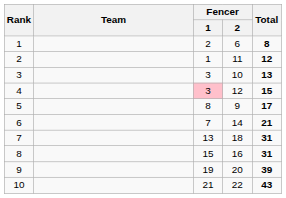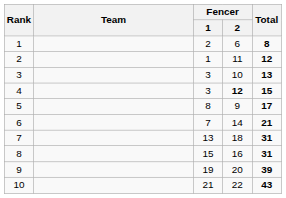 <table class=wikitable style="text-align:center">
 <tr>
 <th rowspan=2 width=40>Rank</th>
 <th rowspan=2 width=250>Team</th>
 <th colspan=2>Fencer</th>
 <th rowspan=2 width=40>Total</th>
 </tr>
 <tr>
 <th width=40>1</th>
 <th width=40>2</th>
 </tr>
 <tr>
 <td>1</td>
 <td align=left></td>
 <td>2</td>
 <td>6</td>
 <td><strong>8</strong></td>
 </tr>
 <tr>
 <td>2</td>
 <td align=left></td>
 <td>1</td>
 <td>11</td>
 <td><strong>12</strong></td>
 </tr>
 <tr>
 <td>3</td>
 <td align=left></td>
 <td>3</td>
 <td>10</td>
 <td><strong>13</strong></td>
 </tr>
 <tr>
 <td>4</td>
 <td align=left></td>
-<td style="background: pink;">3</td>
-<td>12</td>
+<td>3</td>
+<td><strong>12</strong></td>
 <td><strong>15</strong></td>
 </tr>
 <tr>
 <td>5</td>
 <td align=left></td>
 <td>8</td>
 <td>9</td>
 <td><strong>17</strong></td>
 </tr>
 <tr>
 <td>6</td>
 <td align=left></td>
 <td>7</td>
 <td>14</td>
 <td><strong>21</strong></td>
 </tr>
 <tr>
 <td>7</td>
 <td align=left></td>
 <td>13</td>
 <td>18</td>
 <td><strong>31</strong></td>
 </tr>
 <tr>
 <td>8</td>
 <td align=left></td>
 <td>15</td>
 <td>16</td>
 <td><strong>31</strong></td>
 </tr>
 <tr>
 <td>9</td>
 <td align=left></td>
 <td>19</td>
 <td>20</td>
 <td><strong>39</strong></td>
 </tr>
 <tr>
 <td>10</td>
 <td align=left></td>
 <td>21</td>
 <td>22</td>
 <td><strong>43</strong></td>
 </tr>
 </table>
